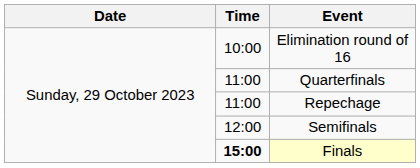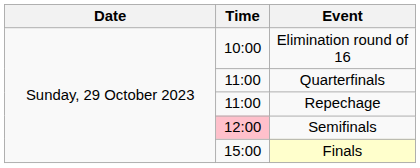 <table class = "wikitable" style="text-align:center;">
 <tr>
 <th width=220>Date</th>
 <th width=50>Time</th>
 <th width=150>Event</th>
 </tr>
 <tr>
 <td rowspan=5>Sunday, 29 October 2023</td>
 <td>10:00</td>
 <td>Elimination round of 16</td>
 </tr>
 <tr>
 <td>11:00</td>
 <td>Quarterfinals</td>
 </tr>
 <tr>
 <td>11:00</td>
 <td>Repechage</td>
 </tr>
 <tr>
-<td>12:00</td>
+<td style="background: pink;">12:00</td>
 <td>Semifinals</td>
 </tr>
 <tr>
-<td><strong>15:00</strong></td>
+<td>15:00</td>
 <td bgcolor=ffffcc>Finals</td>
 </tr>
 </table>
